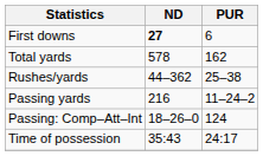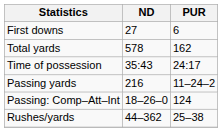 <table class="wikitable" style="float: left;">
 <tr>
 <th>Statistics</th>
 <th>ND</th>
 <th>PUR</th>
 </tr>
 <tr>
 <td>First downs</td>
-<td><strong>27</strong></td>
+<td>27</td>
 <td>6</td>
 </tr>
 <tr>
 <td>Total yards</td>
 <td>578</td>
 <td>162</td>
 </tr>
 <tr>
-<td>Rushes/yards</td>
-<td>44–362</td>
-<td>25–38</td>
+<td>Time of possession</td>
+<td>35:43</td>
+<td>24:17</td>
 </tr>
 <tr>
 <td>Passing yards</td>
 <td>216</td>
 <td>11–24–2</td>
 </tr>
 <tr>
 <td>Passing: Comp–Att–Int</td>
 <td>18–26–0</td>
 <td>124</td>
 </tr>
 <tr>
-<td>Time of possession</td>
-<td>35:43</td>
-<td>24:17</td>
+<td>Rushes/yards</td>
+<td>44–362</td>
+<td>25–38</td>
 </tr>
 <tr>
 </tr>
 </table>
